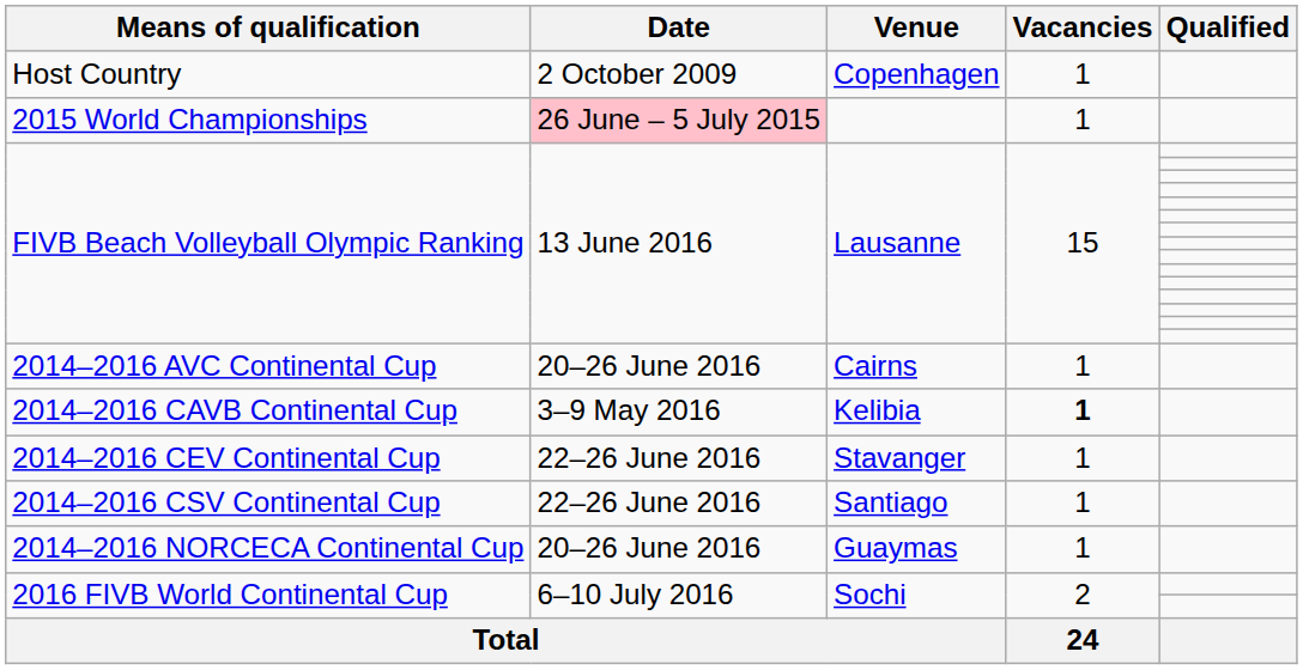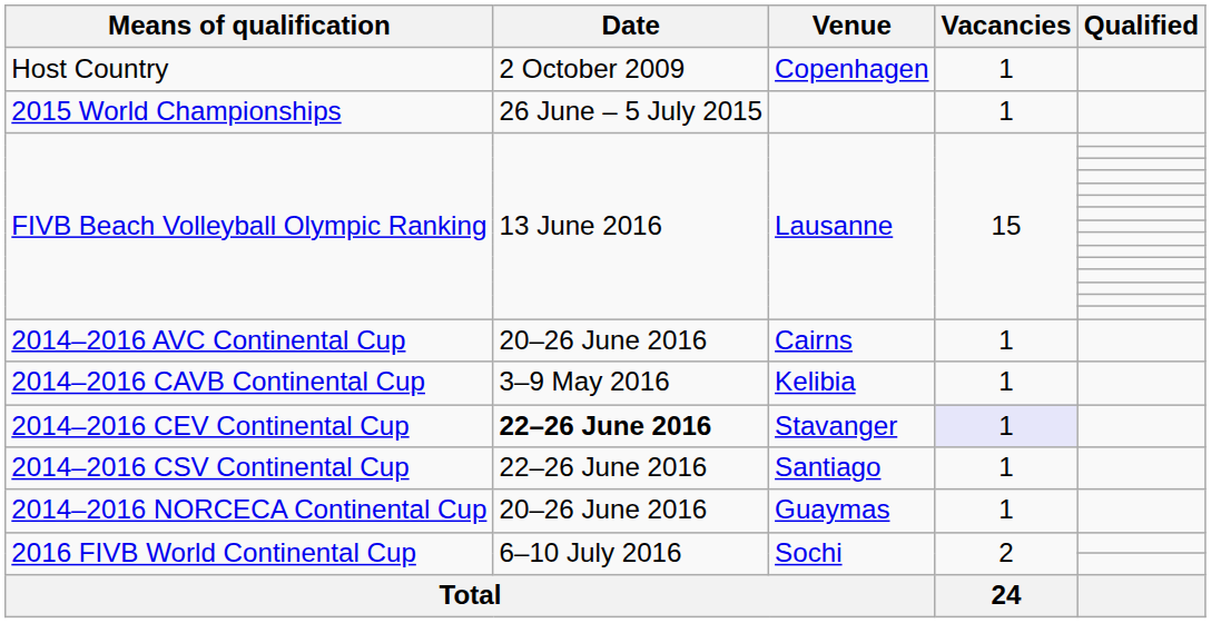 <table class="wikitable">
 <tr>
 <th>Means of qualification</th>
 <th>Date</th>
 <th>Venue</th>
 <th>Vacancies</th>
 <th>Qualified</th>
 </tr>
 <tr>
 <td>Host Country</td>
 <td>2 October 2009</td>
 <td> <a href='#'>Copenhagen</a></td>
 <td style="text-align:center;">1</td>
 <td></td>
 </tr>
 <tr>
 <td><a href='#'>2015 World Championships</a></td>
-<td style="background: pink;">26 June – 5 July 2015</td>
+<td>26 June – 5 July 2015</td>
 <td></td>
 <td style="text-align:center;">1</td>
 <td></td>
 </tr>
 <tr>
 <td rowspan="15"><a href='#'>FIVB Beach Volleyball Olympic Ranking</a></td>
 <td rowspan="15">13 June 2016</td>
 <td rowspan="15"> <a href='#'>Lausanne</a></td>
 <td rowspan="15" style="text-align:center;">15</td>
 <td></td>
 </tr>
 <tr>
 <td></td>
 </tr>
 <tr>
 <td></td>
 </tr>
 <tr>
 <td></td>
 </tr>
 <tr>
 <td></td>
 </tr>
 <tr>
 <td></td>
 </tr>
 <tr>
 <td></td>
 </tr>
 <tr>
 <td></td>
 </tr>
 <tr>
 <td></td>
 </tr>
 <tr>
 <td></td>
 </tr>
 <tr>
 <td></td>
 </tr>
 <tr>
 <td></td>
 </tr>
 <tr>
 <td></td>
 </tr>
 <tr>
 <td></td>
 </tr>
 <tr>
 <td></td>
 </tr>
 <tr>
 <td><a href='#'>2014–2016 AVC Continental Cup</a></td>
 <td>20–26 June 2016</td>
 <td> <a href='#'>Cairns</a></td>
 <td style="text-align:center;">1</td>
 <td></td>
 </tr>
 <tr>
 <td><a href='#'>2014–2016 CAVB Continental Cup</a></td>
 <td>3–9 May 2016</td>
 <td> <a href='#'>Kelibia</a></td>
-<td style="text-align:center;"><strong>1</strong></td>
+<td style="text-align:center;">1</td>
 <td></td>
 </tr>
 <tr>
 <td><a href='#'>2014–2016 CEV Continental Cup</a></td>
-<td>22–26 June 2016</td>
+<td><strong>22–26 June 2016</strong></td>
 <td> <a href='#'>Stavanger</a></td>
-<td style="text-align:center;">1</td>
+<td style="background: lavender; text-align:center;">1</td>
 <td></td>
 </tr>
 <tr>
 <td><a href='#'>2014–2016 CSV Continental Cup</a></td>
 <td>22–26 June 2016</td>
 <td> <a href='#'>Santiago</a></td>
 <td style="text-align:center;">1</td>
 <td></td>
 </tr>
 <tr>
 <td><a href='#'>2014–2016 NORCECA Continental Cup</a></td>
 <td>20–26 June 2016</td>
 <td> <a href='#'>Guaymas</a></td>
 <td style="text-align:center;">1</td>
 <td></td>
 </tr>
 <tr>
 <td rowspan="2"><a href='#'>2016 FIVB World Continental Cup</a></td>
 <td rowspan="2">6–10 July 2016</td>
 <td rowspan="2"> <a href='#'>Sochi</a></td>
 <td rowspan="2" style="text-align:center;">2</td>
 <td></td>
 </tr>
 <tr>
 <td></td>
 </tr>
 <tr>
 <th colspan="3">Total</th>
 <th>24</th>
 <th></th>
 </tr>
 </table>
